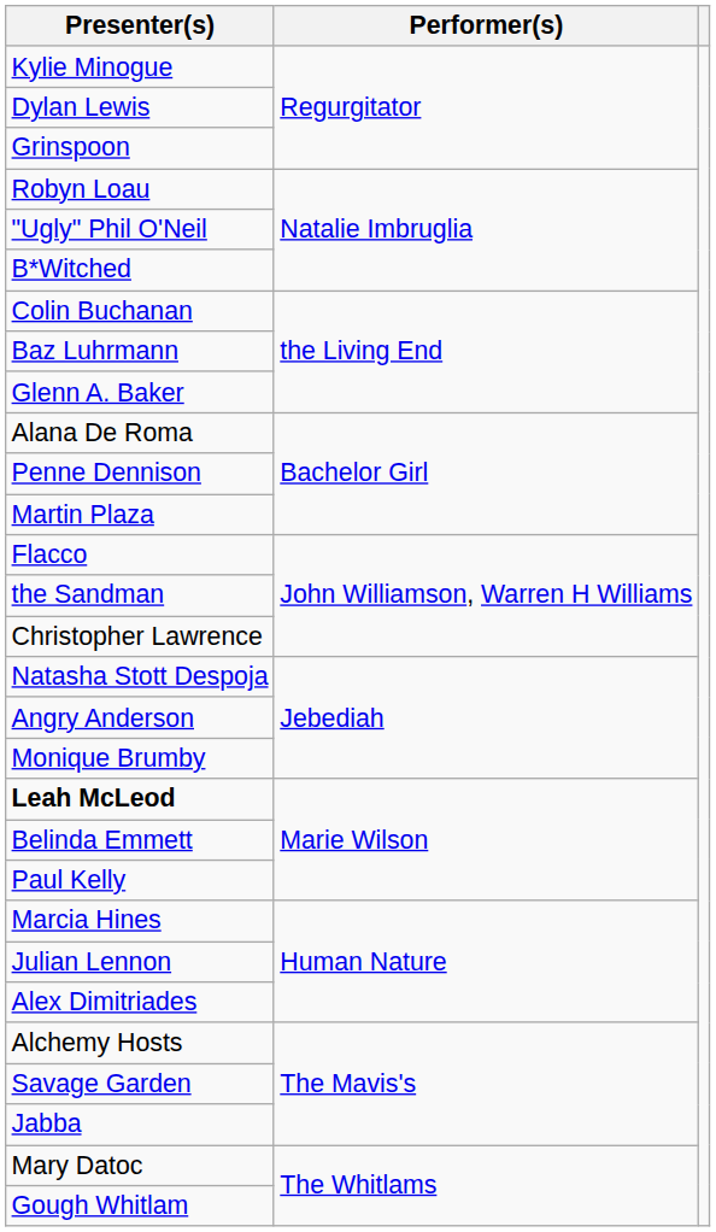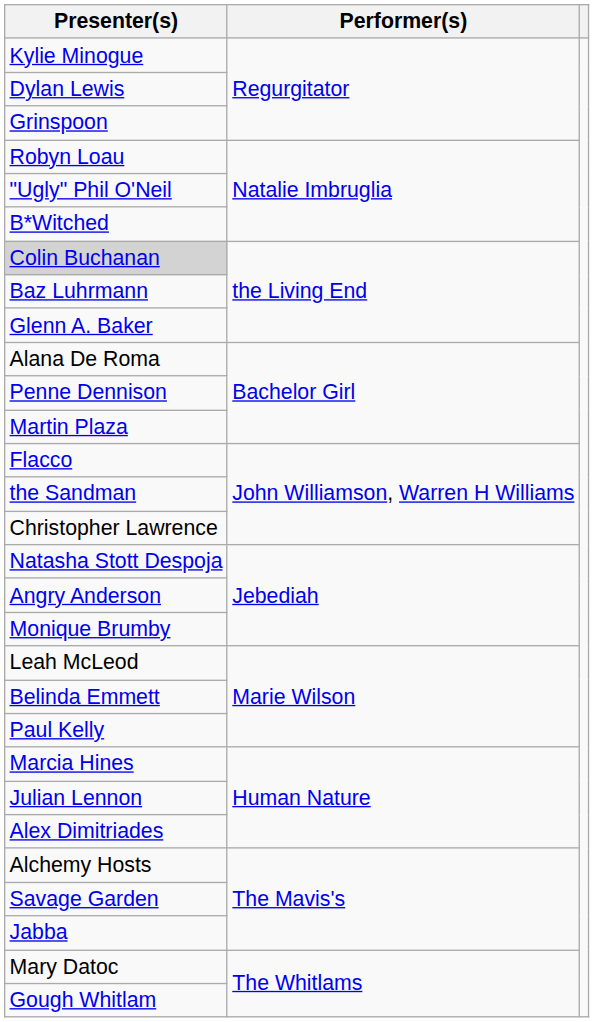 <table class="wikitable plainrowheaders">
 <tr>
 <th scope="col">Presenter(s)</th>
 <th scope="col">Performer(s)</th>
 <th scope="col"></th>
 </tr>
 <tr>
 <td><a href='#'>Kylie Minogue</a></td>
 <td rowspan="3"><a href='#'>Regurgitator</a></td>
 <td rowspan="29"></td>
 </tr>
 <tr>
 <td><a href='#'>Dylan Lewis</a></td>
 </tr>
 <tr>
 <td><a href='#'>Grinspoon</a></td>
 </tr>
 <tr>
 <td><a href='#'>Robyn Loau</a></td>
 <td rowspan="3"><a href='#'>Natalie Imbruglia</a></td>
 </tr>
 <tr>
 <td><a href='#'>"Ugly" Phil O'Neil</a></td>
 </tr>
 <tr>
 <td><a href='#'>B*Witched</a></td>
 </tr>
 <tr>
-<td><a href='#'>Colin Buchanan</a></td>
+<td style="background: lightgrey;"><a href='#'>Colin Buchanan</a></td>
 <td rowspan="3"><a href='#'>the Living End</a></td>
 </tr>
 <tr>
 <td><a href='#'>Baz Luhrmann</a></td>
 </tr>
 <tr>
 <td><a href='#'>Glenn A. Baker</a></td>
 </tr>
 <tr>
 <td>Alana De Roma</td>
 <td rowspan="3"><a href='#'>Bachelor Girl</a></td>
 </tr>
 <tr>
 <td><a href='#'>Penne Dennison</a></td>
 </tr>
 <tr>
 <td><a href='#'>Martin Plaza</a></td>
 </tr>
 <tr>
 <td><a href='#'>Flacco</a></td>
 <td rowspan="3"><a href='#'>John Williamson</a>, <a href='#'>Warren H Williams</a></td>
 </tr>
 <tr>
 <td><a href='#'>the Sandman</a></td>
 </tr>
 <tr>
 <td>Christopher Lawrence</td>
 </tr>
 <tr>
 <td><a href='#'>Natasha Stott Despoja</a></td>
 <td rowspan="3"><a href='#'>Jebediah</a></td>
 </tr>
 <tr>
 <td><a href='#'>Angry Anderson</a></td>
 </tr>
 <tr>
 <td><a href='#'>Monique Brumby</a></td>
 </tr>
 <tr>
-<td><strong>Leah McLeod</strong></td>
+<td>Leah McLeod</td>
 <td rowspan="3"><a href='#'>Marie Wilson</a></td>
 </tr>
 <tr>
 <td><a href='#'>Belinda Emmett</a></td>
 </tr>
 <tr>
 <td><a href='#'>Paul Kelly</a></td>
 </tr>
 <tr>
 <td><a href='#'>Marcia Hines</a></td>
 <td rowspan="3"><a href='#'>Human Nature</a></td>
 </tr>
 <tr>
 <td><a href='#'>Julian Lennon</a></td>
 </tr>
 <tr>
 <td><a href='#'>Alex Dimitriades</a></td>
 </tr>
 <tr>
 <td>Alchemy Hosts</td>
 <td rowspan="3"><a href='#'>The Mavis's</a></td>
 </tr>
 <tr>
 <td><a href='#'>Savage Garden</a></td>
 </tr>
 <tr>
 <td><a href='#'>Jabba</a></td>
 </tr>
 <tr>
 <td>Mary Datoc</td>
 <td rowspan="2"><a href='#'>The Whitlams</a></td>
 </tr>
 <tr>
 <td><a href='#'>Gough Whitlam</a></td>
 </tr>
 </table>
